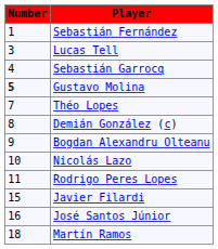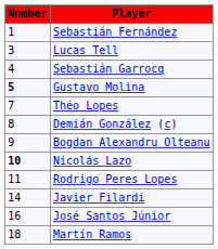 <table bgcolor="#f7f8ff" cellpadding="3" cellspacing="0" border="1" style="font-size: 95%; border: gray solid 1px; border-collapse: collapse;">
 <tr bgcolor="#ff0000">
 <td align=center><strong>Number</strong></td>
 <td align=center><strong>Player</strong></td>
 </tr>
 <tr align="left">
 <td>1</td>
 <td> <a href='#'>Sebastián Fernández</a></td>
 </tr>
 <tr align=left>
 <td>3</td>
 <td> <a href='#'>Lucas Tell</a></td>
 </tr>
 <tr align="left">
 <td>4</td>
 <td> <a href='#'>Sebastián Garrocq</a></td>
 </tr>
 <tr align="left">
 <td><strong>5</strong></td>
 <td> <a href='#'>Gustavo Molina</a></td>
 </tr>
 <tr align="left">
 <td>7</td>
 <td> <a href='#'>Théo Lopes</a></td>
 </tr>
 <tr align="left">
 <td>8</td>
 <td> <a href='#'>Demián González</a> (<a href='#'>c</a>)</td>
 </tr>
 <tr align="left">
 <td>9</td>
 <td> <a href='#'>Bogdan Alexandru Olteanu</a></td>
 </tr>
 <tr align="left">
-<td>10</td>
+<td><strong>10</strong></td>
 <td> <a href='#'>Nicolás Lazo</a></td>
 </tr>
 <tr align="left">
 <td>11</td>
 <td> <a href='#'>Rodrigo Peres Lopes</a></td>
 </tr>
 <tr align="left">
-<td>15</td>
+<td>14</td>
 <td> <a href='#'>Javier Filardi</a></td>
 </tr>
 <tr align="left">
 <td>16</td>
 <td> <a href='#'>José Santos Júnior</a></td>
 </tr>
 <tr align="left">
 <td>18</td>
 <td> <a href='#'>Martín Ramos</a></td>
 </tr>
 </table>
